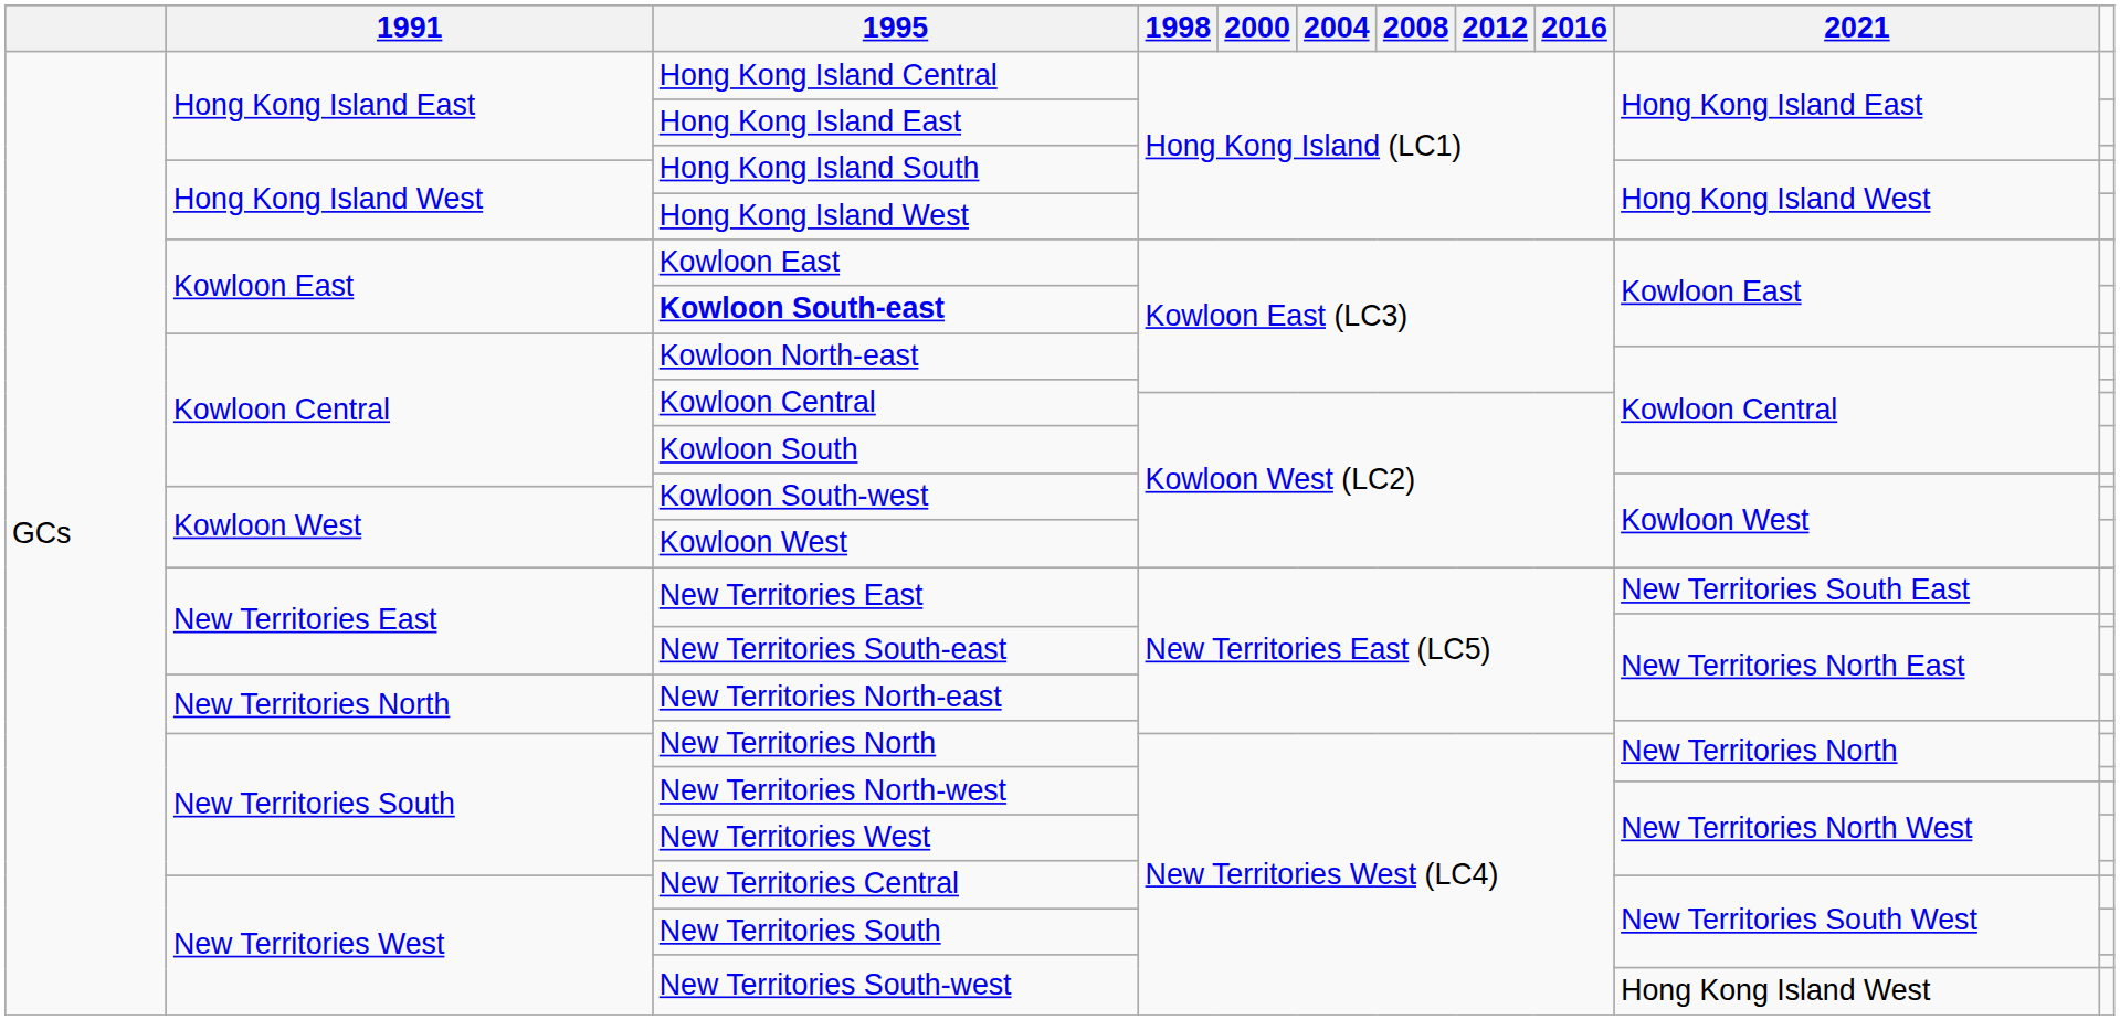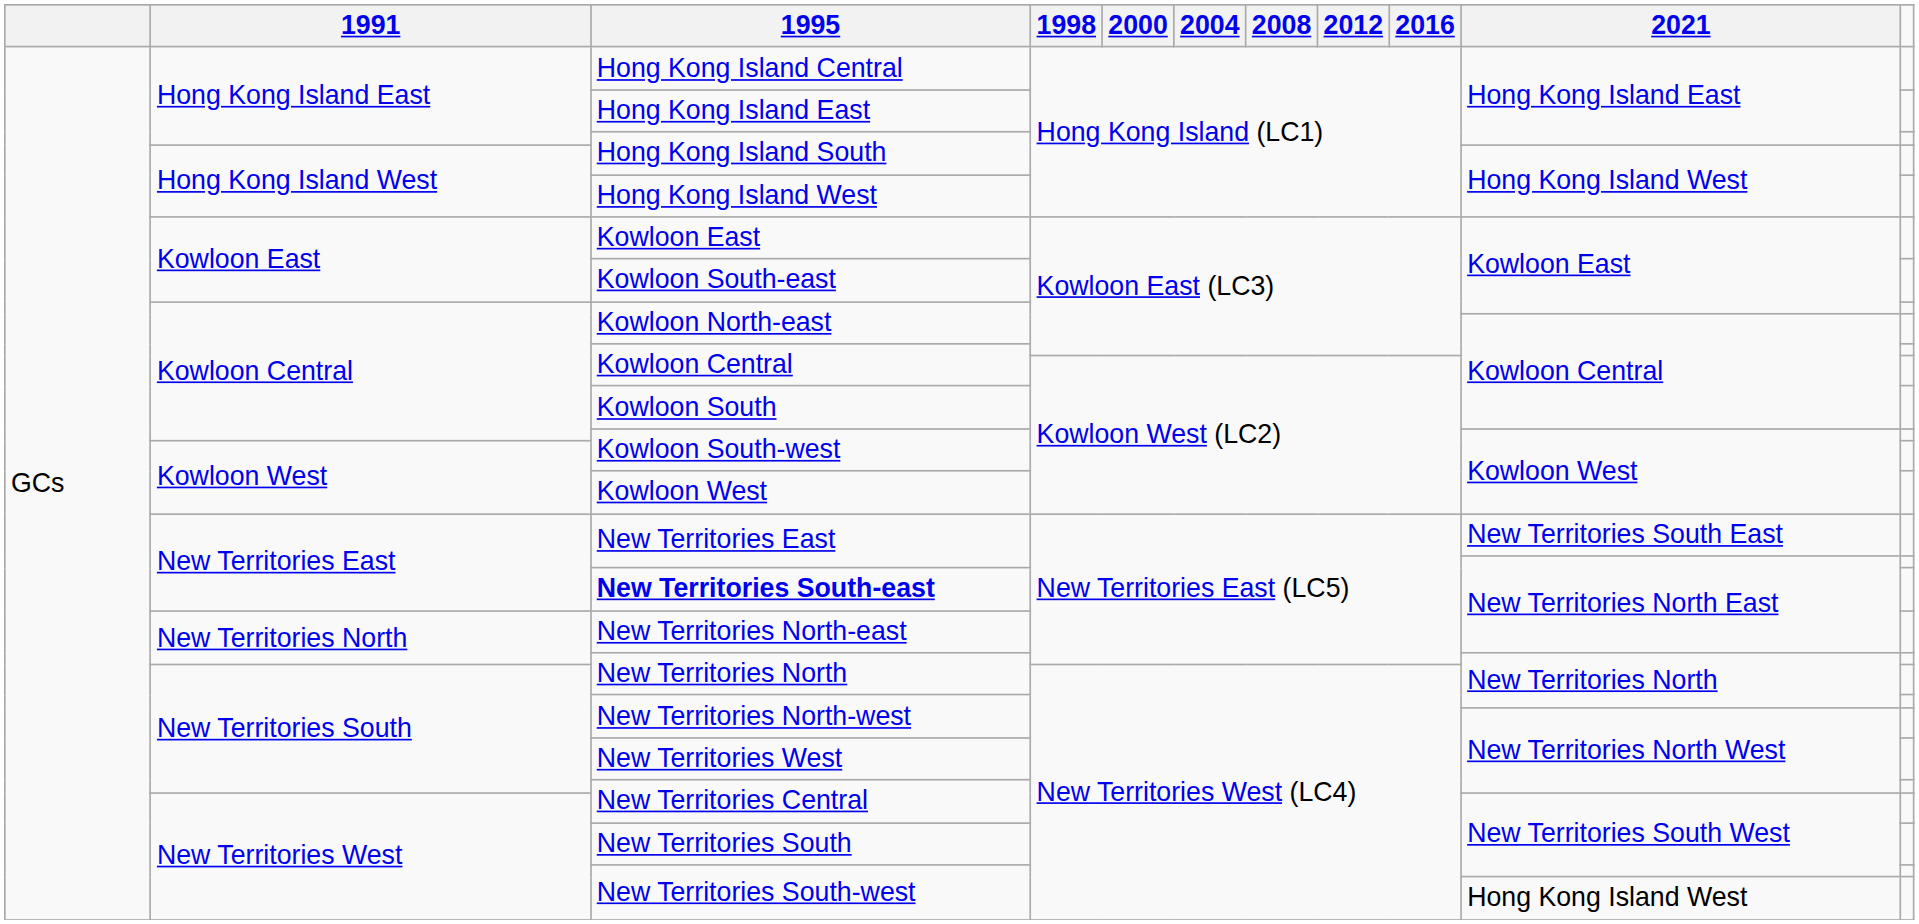 <table class="wikitable">
 <tr>
 <th style=width:5em></th>
 <th style=width:16em><a href='#'>1991</a></th>
 <th style=width:16em><a href='#'>1995</a></th>
 <th style=width:2em><a href='#'>1998</a></th>
 <th style=width:2em><a href='#'>2000</a></th>
 <th style=width:2em><a href='#'>2004</a></th>
 <th style=width:2em><a href='#'>2008</a></th>
 <th style=width:2em><a href='#'>2012</a></th>
 <th style=width:2em><a href='#'>2016</a></th>
 <th style=width:16em><a href='#'>2021</a></th>
 <td></td>
 </tr>
 <tr>
 <td rowspan="29">GCs</td>
 <td rowspan="3"><a href='#'>Hong Kong Island East</a></td>
 <td><a href='#'>Hong Kong Island Central</a></td>
 <td colspan="6" rowspan="5"><a href='#'>Hong Kong Island</a> (LC1)</td>
 <td rowspan="3"><a href='#'>Hong Kong Island East</a></td>
 <td></td>
 </tr>
 <tr>
 <td><a href='#'>Hong Kong Island East</a></td>
 <td></td>
 </tr>
 <tr>
 <td rowspan="2"><a href='#'>Hong Kong Island South</a></td>
 <td></td>
 </tr>
 <tr>
 <td rowspan="2"><a href='#'>Hong Kong Island West</a></td>
 <td rowspan="2"><a href='#'>Hong Kong Island West</a></td>
 <td></td>
 </tr>
 <tr>
 <td><a href='#'>Hong Kong Island West</a></td>
 <td></td>
 </tr>
 <tr>
 <td rowspan="2"><a href='#'>Kowloon East</a></td>
 <td><a href='#'>Kowloon East</a></td>
 <td colspan="6" rowspan="5"><a href='#'>Kowloon East</a>  (LC3)</td>
 <td rowspan="3"><a href='#'>Kowloon East</a></td>
 <td></td>
 </tr>
 <tr>
-<td><strong><a href='#'>Kowloon South-east</a></strong></td>
+<td><a href='#'>Kowloon South-east</a></td>
 <td></td>
 </tr>
 <tr>
 <td rowspan="6"><a href='#'>Kowloon Central</a></td>
 <td rowspan="2"><a href='#'>Kowloon North-east</a></td>
 <td></td>
 </tr>
 <tr>
 <td rowspan="4"><a href='#'>Kowloon Central</a></td>
 <td></td>
 </tr>
 <tr>
 <td rowspan="2"><a href='#'>Kowloon Central</a></td>
 <td></td>
 </tr>
 <tr>
 <td colspan="6" rowspan="5"><a href='#'>Kowloon West</a>  (LC2)</td>
 <td></td>
 </tr>
 <tr>
 <td><a href='#'>Kowloon South</a></td>
 <td></td>
 </tr>
 <tr>
 <td rowspan="2"><a href='#'>Kowloon South-west</a></td>
 <td rowspan="3"><a href='#'>Kowloon West</a></td>
 <td></td>
 </tr>
 <tr>
 <td rowspan="2"><a href='#'>Kowloon West</a></td>
 <td></td>
 </tr>
 <tr>
 <td><a href='#'>Kowloon West</a></td>
 <td></td>
 </tr>
 <tr>
 <td rowspan="3"><a href='#'>New Territories East</a></td>
 <td rowspan="2"><a href='#'>New Territories East</a></td>
 <td colspan="6" rowspan="5"><a href='#'>New Territories East</a>  (LC5)</td>
 <td><a href='#'>New Territories South East</a></td>
 <td></td>
 </tr>
 <tr>
 <td rowspan="3"><a href='#'>New Territories North East</a></td>
 <td></td>
 </tr>
 <tr>
-<td><a href='#'>New Territories South-east</a></td>
+<td><strong><a href='#'>New Territories South-east</a></strong></td>
 <td></td>
 </tr>
 <tr>
 <td rowspan="2"><a href='#'>New Territories North</a></td>
 <td><a href='#'>New Territories North-east</a></td>
 <td></td>
 </tr>
 <tr>
 <td rowspan="2"><a href='#'>New Territories North</a></td>
 <td rowspan="3"><a href='#'>New Territories North</a></td>
 <td></td>
 </tr>
 <tr>
 <td rowspan="5"><a href='#'>New Territories South</a></td>
 <td colspan="6" rowspan="9"><a href='#'>New Territories West</a>  (LC4)</td>
 <td></td>
 </tr>
 <tr>
 <td rowspan="2"><a href='#'>New Territories North-west</a></td>
 <td></td>
 </tr>
 <tr>
 <td rowspan="3"><a href='#'>New Territories North West</a></td>
 <td></td>
 </tr>
 <tr>
 <td><a href='#'>New Territories West</a></td>
 <td></td>
 </tr>
 <tr>
 <td rowspan="2"><a href='#'>New Territories Central</a></td>
 <td></td>
 </tr>
 <tr>
 <td rowspan="4"><a href='#'>New Territories West</a></td>
 <td rowspan="3"><a href='#'>New Territories South West</a></td>
 <td></td>
 </tr>
 <tr>
 <td><a href='#'>New Territories South</a></td>
 <td></td>
 </tr>
 <tr>
 <td rowspan="2"><a href='#'>New Territories South-west</a></td>
 <td></td>
 </tr>
 <tr>
 <td>Hong Kong Island West</td>
 <td></td>
 </tr>
 </table>
